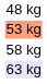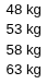 <table>
 <tr>
 <td>48 kg</td>
 <td></td>
 <td></td>
 <td></td>
 </tr>
 <tr>
-<td style="background: lightsalmon;">53 kg</td>
+<td>53 kg</td>
 <td></td>
 <td></td>
 <td></td>
 </tr>
 <tr>
 <td>58 kg</td>
 <td></td>
 <td></td>
 <td></td>
 </tr>
 <tr>
-<td style="background: lavender;">63 kg</td>
+<td>63 kg</td>
 <td></td>
 <td></td>
 <td></td>
 </tr>
 </table>
